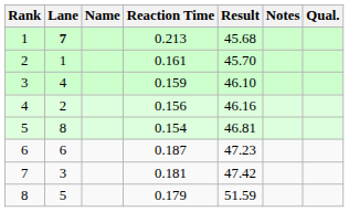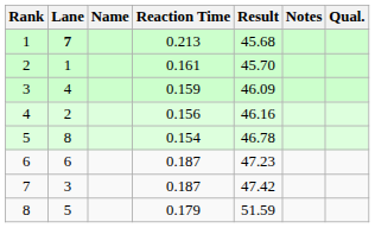 <table class="wikitable sortable" style="text-align:center">
 <tr>
 <th>Rank</th>
 <th>Lane</th>
 <th>Name</th>
 <th>Reaction Time</th>
 <th>Result</th>
 <th>Notes</th>
 <th>Qual.</th>
 </tr>
 <tr bgcolor=ccffcc>
 <td>1</td>
 <td><strong>7</strong></td>
 <td align="left"></td>
 <td>0.213</td>
 <td>45.68</td>
 <td></td>
 <td></td>
 </tr>
 <tr bgcolor=ccffcc>
 <td>2</td>
 <td>1</td>
 <td align="left"></td>
 <td>0.161</td>
 <td>45.70</td>
 <td></td>
 <td></td>
 </tr>
 <tr bgcolor=ccffcc>
 <td>3</td>
 <td>4</td>
 <td align="left"></td>
 <td>0.159</td>
-<td>46.10</td>
+<td>46.09</td>
 <td></td>
 <td></td>
 </tr>
 <tr bgcolor=ddffdd>
 <td>4</td>
 <td>2</td>
 <td align="left"></td>
 <td>0.156</td>
 <td>46.16</td>
 <td></td>
 <td></td>
 </tr>
 <tr bgcolor=ddffdd>
 <td>5</td>
 <td>8</td>
 <td align="left"></td>
 <td>0.154</td>
-<td>46.81</td>
+<td>46.78</td>
 <td></td>
 <td></td>
 </tr>
 <tr>
 <td>6</td>
 <td>6</td>
 <td align="left"></td>
 <td>0.187</td>
 <td>47.23</td>
 <td></td>
 <td></td>
 </tr>
 <tr>
 <td>7</td>
 <td>3</td>
 <td align="left"></td>
-<td>0.181</td>
+<td>0.187</td>
 <td>47.42</td>
 <td></td>
 <td></td>
 </tr>
 <tr>
 <td>8</td>
 <td>5</td>
 <td align="left"></td>
 <td>0.179</td>
 <td>51.59</td>
 <td></td>
 <td></td>
 </tr>
 </table>
